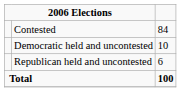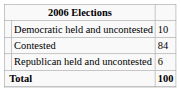 <table class="wikitable">
 <tr>
 <td colspan="2" rowspan="1" align="center"><strong>2006 Elections</strong></td>
 </tr>
 <tr>
 <td style="background-color:"> </td>
-<td>Contested</td>
-<td>84</td>
+<td>Democratic held and uncontested</td>
+<td>10</td>
 </tr>
 <tr>
 <td style="background-color:"> </td>
-<td>Democratic held and uncontested</td>
-<td>10</td>
+<td>Contested</td>
+<td>84</td>
 </tr>
 <tr>
 <td style="background-color:"> </td>
 <td>Republican held and uncontested</td>
 <td>6</td>
 </tr>
 <tr>
 <td colspan="2" rowspan="1"> <strong>Total</strong><br></td>
 <td><strong>100</strong></td>
 </tr>
 <tr>
 </tr>
 </table>
